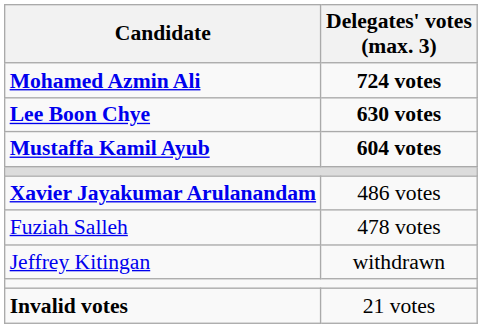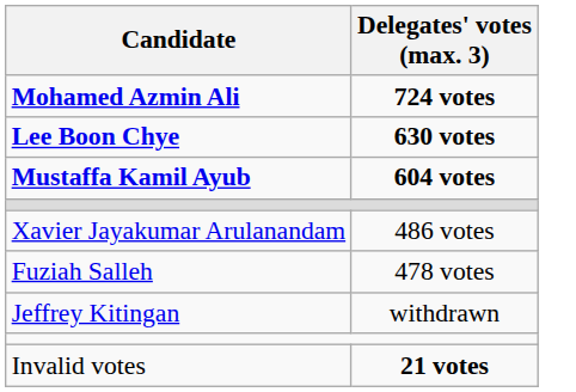 <table class=wikitable style=text-align:center>
 <tr>
 <th>Candidate</th>
 <th>Delegates' votes<br>(max. 3)</th>
 </tr>
 <tr>
 <td align=left><strong><a href='#'>Mohamed Azmin Ali</a></strong></td>
 <td><strong>724 votes</strong></td>
 </tr>
 <tr>
 <td align=left><strong><a href='#'>Lee Boon Chye</a></strong></td>
 <td><strong>630 votes</strong></td>
 </tr>
 <tr>
 <td align=left><strong><a href='#'>Mustaffa Kamil Ayub</a></strong></td>
 <td><strong>604 votes</strong></td>
 </tr>
 <tr>
 <td colspan=3 bgcolor=dcdcdc></td>
 </tr>
 <tr>
-<td align=left><strong><a href='#'>Xavier Jayakumar Arulanandam</a></strong></td>
+<td align=left><a href='#'>Xavier Jayakumar Arulanandam</a></td>
 <td>486 votes</td>
 </tr>
 <tr>
 <td align=left><a href='#'>Fuziah Salleh</a></td>
 <td>478 votes</td>
 </tr>
 <tr>
 <td align=left><a href='#'>Jeffrey Kitingan</a></td>
 <td>withdrawn</td>
 </tr>
 <tr>
 <td colspan=3></td>
 </tr>
 <tr>
-<td align=left><strong>Invalid votes</strong></td>
-<td>21 votes</td>
+<td align=left>Invalid votes</td>
+<td><strong>21 votes</strong></td>
 </tr>
 </table>
